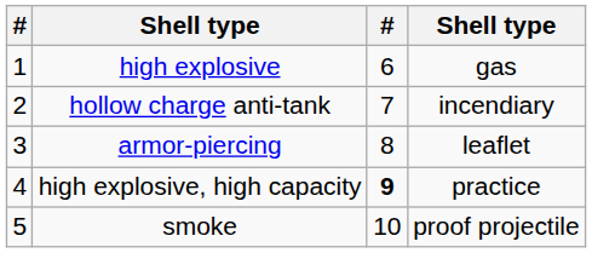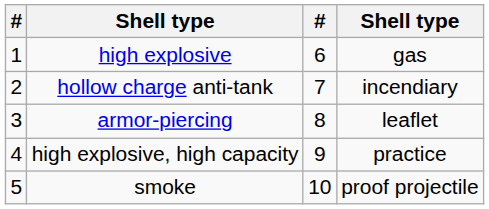 <table class="wikitable" style="margin: 1em auto 1em auto">
 <tr>
 <th>#</th>
 <th>Shell type</th>
 <th>#</th>
 <th>Shell type</th>
 </tr>
 <tr>
 <td>1</td>
 <td align="center"><a href='#'>high explosive</a></td>
 <td align="center">6</td>
 <td align="center">gas</td>
 </tr>
 <tr>
 <td>2</td>
 <td align="center"><a href='#'>hollow charge</a> anti-tank</td>
 <td align="center">7</td>
 <td align="center">incendiary</td>
 </tr>
 <tr>
 <td>3</td>
 <td align="center"><a href='#'>armor-piercing</a></td>
 <td align="center">8</td>
 <td align="center">leaflet</td>
 </tr>
 <tr>
 <td>4</td>
 <td align="center">high explosive, high capacity</td>
-<td align="center"><strong>9</strong></td>
+<td align="center">9</td>
 <td align="center">practice</td>
 </tr>
 <tr>
 <td>5</td>
 <td align="center">smoke</td>
 <td align="center">10</td>
 <td align="center">proof projectile</td>
 </tr>
 </table>
